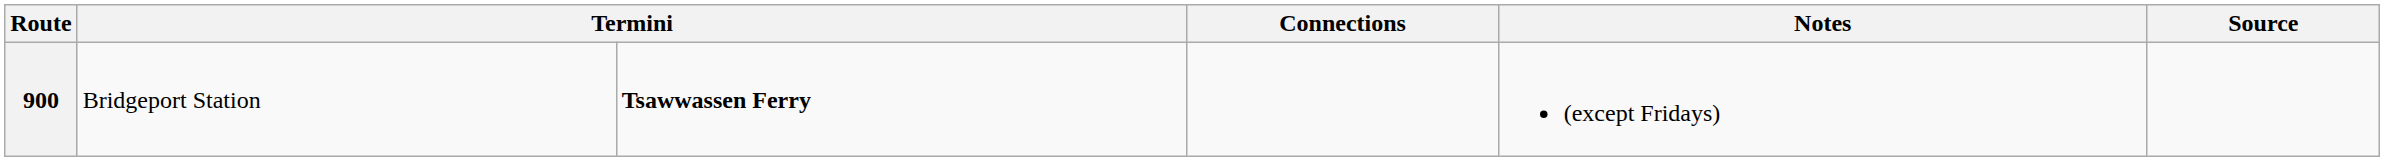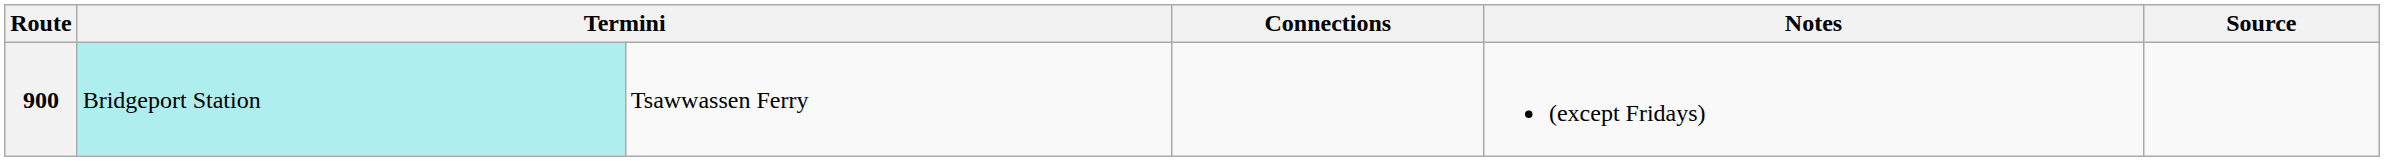 <table class="wikitable" style="width: 100%">
 <tr>
 <th width="40">Route</th>
 <th colspan=2>Termini</th>
 <th width="200">Connections</th>
 <th>Notes</th>
 <th>Source</th>
 </tr>
 <tr>
 <th>900</th>
-<td>Bridgeport Station</td>
-<td><strong>Tsawwassen Ferry</strong></td>
+<td style="background: paleturquoise;">Bridgeport Station</td>
+<td>Tsawwassen Ferry</td>
 <td></td>
 <td><br><ul><li>  (except Fridays) </li></ul></td>
 <td></td>
 </tr>
 </table>
